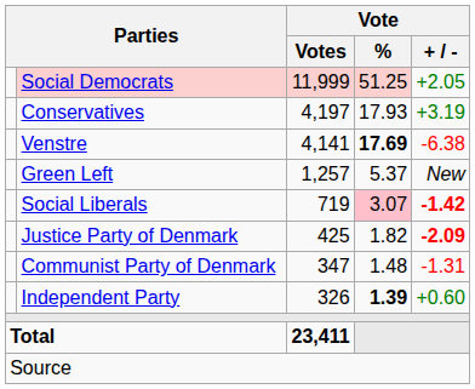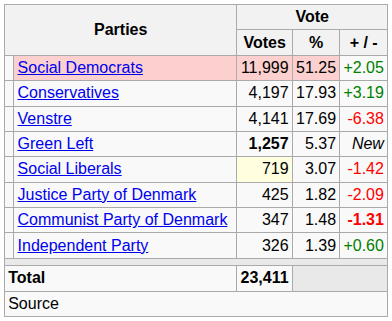 <table class="wikitable" style="text-align:right;">
 <tr>
 <th style="text-align:centre;" rowspan="2" colspan="2" width="225">Parties</th>
 <th colspan="3">Vote</th>
 </tr>
 <tr>
 <th width="15">Votes</th>
 <th width="15">%</th>
 <th width="15">+ / -</th>
 </tr>
 <tr>
 <td width="2" style="color:inherit;background:"></td>
 <td bgcolor=#fbd0ce  align="left"><a href='#'>Social Democrats</a></td>
 <td bgcolor=#fbd0ce>11,999</td>
 <td bgcolor=#fbd0ce>51.25</td>
 <td style=color:green;>+2.05</td>
 </tr>
 <tr>
 <td width="2" style="color:inherit;background:"></td>
 <td align="left"><a href='#'>Conservatives</a></td>
 <td>4,197</td>
 <td>17.93</td>
 <td style=color:green;>+3.19</td>
 </tr>
 <tr>
 <td width="2" style="color:inherit;background:"></td>
 <td align="left"><a href='#'>Venstre</a></td>
 <td>4,141</td>
-<td><strong>17.69</strong></td>
+<td>17.69</td>
 <td style=color:red;>-6.38</td>
 </tr>
 <tr>
 <td width="2" style="color:inherit;background:"></td>
 <td align="left"><a href='#'>Green Left</a></td>
-<td>1,257</td>
+<td><strong>1,257</strong></td>
 <td>5.37</td>
 <td><em>New</em></td>
 </tr>
 <tr>
 <td width="2" style="color:inherit;background:"></td>
 <td align="left"><a href='#'>Social Liberals</a></td>
-<td>719</td>
-<td style="background: pink;">3.07</td>
-<td style=color:red;><strong>-1.42</strong></td>
+<td style="background: lightyellow;">719</td>
+<td>3.07</td>
+<td style=color:red;>-1.42</td>
 </tr>
 <tr>
 <td width="2" style="color:inherit;background:"></td>
 <td align="left"><a href='#'>Justice Party of Denmark</a></td>
 <td>425</td>
 <td>1.82</td>
-<td style=color:red;><strong>-2.09</strong></td>
+<td style=color:red;>-2.09</td>
 </tr>
 <tr>
 <td width="2" style="color:inherit;background:"></td>
 <td align="left"><a href='#'>Communist Party of Denmark</a></td>
 <td>347</td>
 <td>1.48</td>
-<td style=color:red;>-1.31</td>
+<td style=color:red;><strong>-1.31</strong></td>
 </tr>
 <tr>
 <td width="2" style="color:inherit;background:"></td>
 <td align="left"><a href='#'>Independent Party</a></td>
 <td>326</td>
-<td><strong>1.39</strong></td>
+<td>1.39</td>
 <td style=color:green;>+0.60</td>
 </tr>
 <tr>
 <td colspan="7" bgcolor="#E9E9E9"></td>
 </tr>
 <tr>
 <td align="left" colspan="2"><strong>Total</strong></td>
 <td><strong>23,411</strong></td>
 <td bgcolor="#E9E9E9" colspan="2"></td>
 </tr>
 <tr>
 <td align="left" colspan="6">Source</td>
 </tr>
 </table>
